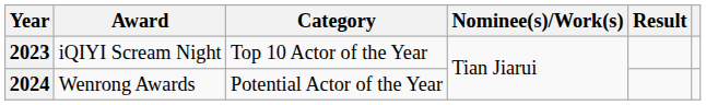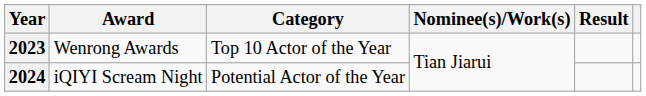 <table class="wikitable sortable plainrowheaders">
 <tr>
 <th scope="col">Year</th>
 <th scope="col">Award</th>
 <th scope="col">Category</th>
 <th scope="col">Nominee(s)/Work(s)</th>
 <th scope="col">Result</th>
 <th scope="col"></th>
 </tr>
 <tr>
 <th scope="row">2023</th>
-<td>iQIYI Scream Night</td>
+<td>Wenrong Awards</td>
 <td>Top 10 Actor of the Year</td>
 <td rowspan="2">Tian Jiarui</td>
 <td></td>
 <td></td>
 </tr>
 <tr>
 <th scope="row">2024</th>
-<td>Wenrong Awards</td>
+<td>iQIYI Scream Night</td>
 <td>Potential Actor of the Year</td>
 <td></td>
 <td></td>
 </tr>
 </table>
